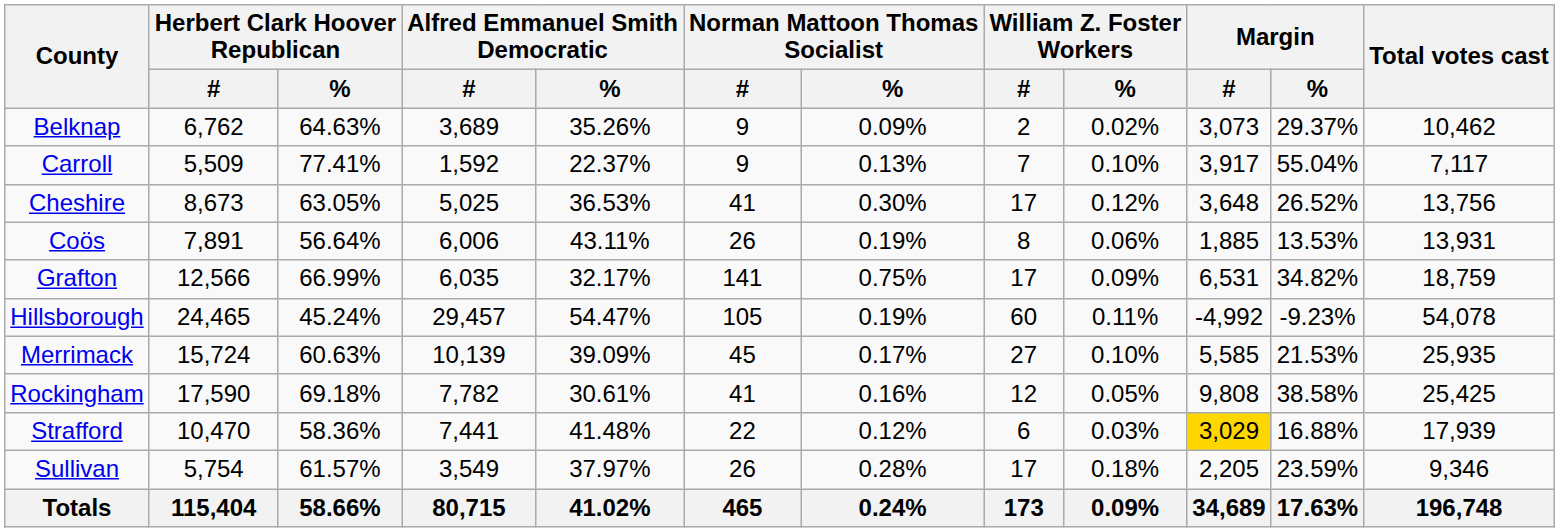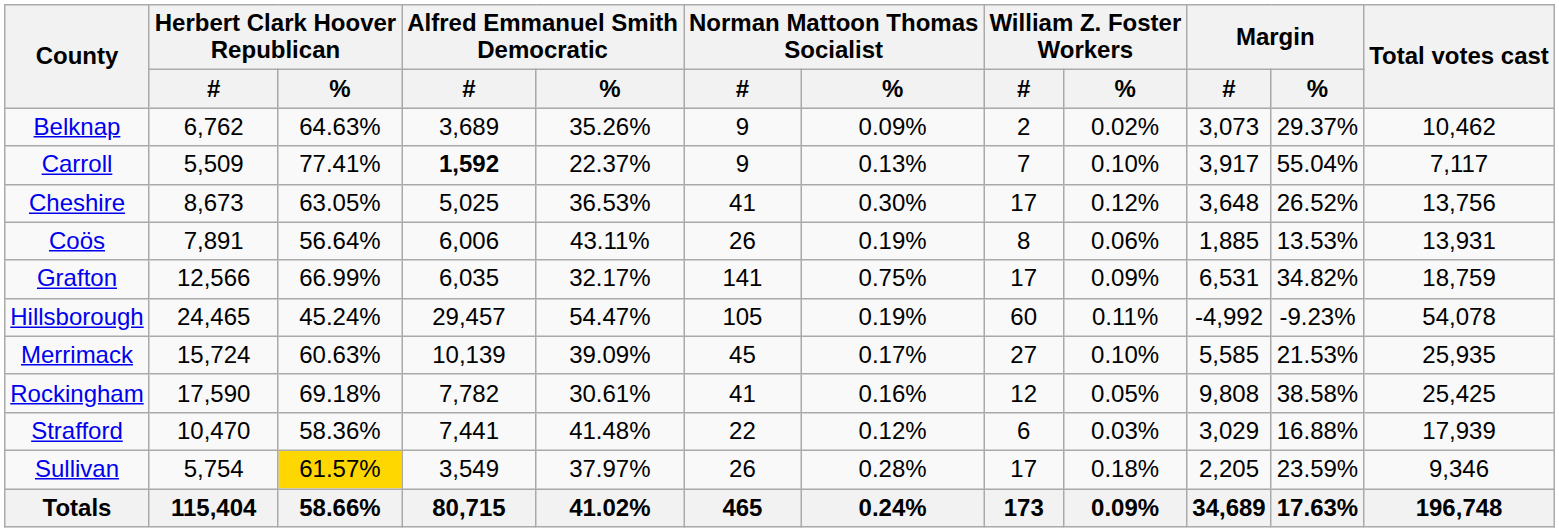 <table class="wikitable sortable">
 <tr>
 <th rowspan="2">County</th>
 <th colspan="2">Herbert Clark Hoover<br>Republican</th>
 <th colspan="2">Alfred Emmanuel Smith<br>Democratic</th>
 <th colspan="2">Norman Mattoon Thomas<br>Socialist</th>
 <th colspan="2">William Z. Foster<br>Workers</th>
 <th colspan="2">Margin</th>
 <th rowspan="2">Total votes cast</th>
 </tr>
 <tr bgcolor="lightgrey">
 <th data-sort-type="number">#</th>
 <th data-sort-type="number">%</th>
 <th data-sort-type="number">#</th>
 <th data-sort-type="number">%</th>
 <th data-sort-type="number">#</th>
 <th data-sort-type="number">%</th>
 <th data-sort-type="number">#</th>
 <th data-sort-type="number">%</th>
 <th data-sort-type="number">#</th>
 <th data-sort-type="number">%</th>
 </tr>
 <tr style="text-align:center;">
 <td><a href='#'>Belknap</a></td>
 <td>6,762</td>
 <td>64.63%</td>
 <td>3,689</td>
 <td>35.26%</td>
 <td>9</td>
 <td>0.09%</td>
 <td>2</td>
 <td>0.02%</td>
 <td>3,073</td>
 <td>29.37%</td>
 <td>10,462</td>
 </tr>
 <tr style="text-align:center;">
 <td><a href='#'>Carroll</a></td>
 <td>5,509</td>
 <td>77.41%</td>
-<td>1,592</td>
+<td><strong>1,592</strong></td>
 <td>22.37%</td>
 <td>9</td>
 <td>0.13%</td>
 <td>7</td>
 <td>0.10%</td>
 <td>3,917</td>
 <td>55.04%</td>
 <td>7,117</td>
 </tr>
 <tr style="text-align:center;">
 <td><a href='#'>Cheshire</a></td>
 <td>8,673</td>
 <td>63.05%</td>
 <td>5,025</td>
 <td>36.53%</td>
 <td>41</td>
 <td>0.30%</td>
 <td>17</td>
 <td>0.12%</td>
 <td>3,648</td>
 <td>26.52%</td>
 <td>13,756</td>
 </tr>
 <tr style="text-align:center;">
 <td><a href='#'>Coös</a></td>
 <td>7,891</td>
 <td>56.64%</td>
 <td>6,006</td>
 <td>43.11%</td>
 <td>26</td>
 <td>0.19%</td>
 <td>8</td>
 <td>0.06%</td>
 <td>1,885</td>
 <td>13.53%</td>
 <td>13,931</td>
 </tr>
 <tr style="text-align:center;">
 <td><a href='#'>Grafton</a></td>
 <td>12,566</td>
 <td>66.99%</td>
 <td>6,035</td>
 <td>32.17%</td>
 <td>141</td>
 <td>0.75%</td>
 <td>17</td>
 <td>0.09%</td>
 <td>6,531</td>
 <td>34.82%</td>
 <td>18,759</td>
 </tr>
 <tr style="text-align:center;">
 <td><a href='#'>Hillsborough</a></td>
 <td>24,465</td>
 <td>45.24%</td>
 <td>29,457</td>
 <td>54.47%</td>
 <td>105</td>
 <td>0.19%</td>
 <td>60</td>
 <td>0.11%</td>
 <td>-4,992</td>
 <td>-9.23%</td>
 <td>54,078</td>
 </tr>
 <tr style="text-align:center;">
 <td><a href='#'>Merrimack</a></td>
 <td>15,724</td>
 <td>60.63%</td>
 <td>10,139</td>
 <td>39.09%</td>
 <td>45</td>
 <td>0.17%</td>
 <td>27</td>
 <td>0.10%</td>
 <td>5,585</td>
 <td>21.53%</td>
 <td>25,935</td>
 </tr>
 <tr style="text-align:center;">
 <td><a href='#'>Rockingham</a></td>
 <td>17,590</td>
 <td>69.18%</td>
 <td>7,782</td>
 <td>30.61%</td>
 <td>41</td>
 <td>0.16%</td>
 <td>12</td>
 <td>0.05%</td>
 <td>9,808</td>
 <td>38.58%</td>
 <td>25,425</td>
 </tr>
 <tr style="text-align:center;">
 <td><a href='#'>Strafford</a></td>
 <td>10,470</td>
 <td>58.36%</td>
 <td>7,441</td>
 <td>41.48%</td>
 <td>22</td>
 <td>0.12%</td>
 <td>6</td>
 <td>0.03%</td>
-<td style="background: gold;">3,029</td>
+<td>3,029</td>
 <td>16.88%</td>
 <td>17,939</td>
 </tr>
 <tr style="text-align:center;">
 <td><a href='#'>Sullivan</a></td>
 <td>5,754</td>
-<td>61.57%</td>
+<td style="background: gold;">61.57%</td>
 <td>3,549</td>
 <td>37.97%</td>
 <td>26</td>
 <td>0.28%</td>
 <td>17</td>
 <td>0.18%</td>
 <td>2,205</td>
 <td>23.59%</td>
 <td>9,346</td>
 </tr>
 <tr>
 <th>Totals</th>
 <th>115,404</th>
 <th>58.66%</th>
 <th>80,715</th>
 <th>41.02%</th>
 <th>465</th>
 <th>0.24%</th>
 <th>173</th>
 <th>0.09%</th>
 <th>34,689</th>
 <th>17.63%</th>
 <th>196,748</th>
 </tr>
 </table>
